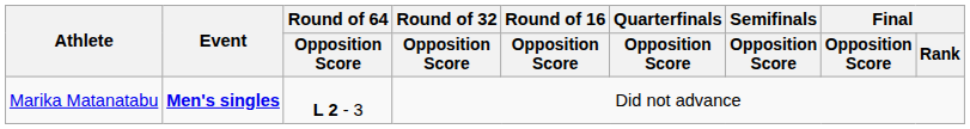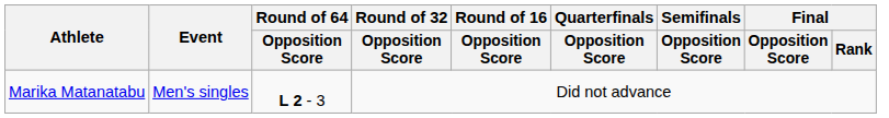 <table class=wikitable style=font-size:90%;text-align:center>
 <tr>
 <th rowspan=2>Athlete</th>
 <th rowspan=2>Event</th>
 <th>Round of 64</th>
 <th>Round of 32</th>
 <th>Round of 16</th>
 <th>Quarterfinals</th>
 <th>Semifinals</th>
 <th colspan=2>Final</th>
 </tr>
 <tr style=font-size:95%>
 <th>Opposition<br>Score</th>
 <th>Opposition<br>Score</th>
 <th>Opposition<br>Score</th>
 <th>Opposition<br>Score</th>
 <th>Opposition<br>Score</th>
 <th>Opposition<br>Score</th>
 <th>Rank</th>
 </tr>
 <tr>
 <td align=left><a href='#'>Marika Matanatabu</a></td>
-<td align=left><strong><a href='#'>Men's singles</a></strong></td>
+<td align=left><a href='#'>Men's singles</a></td>
 <td><br><strong>L</strong> <strong>2</strong> - 3</td>
 <td colspan=6>Did not advance</td>
 </tr>
 </table>
